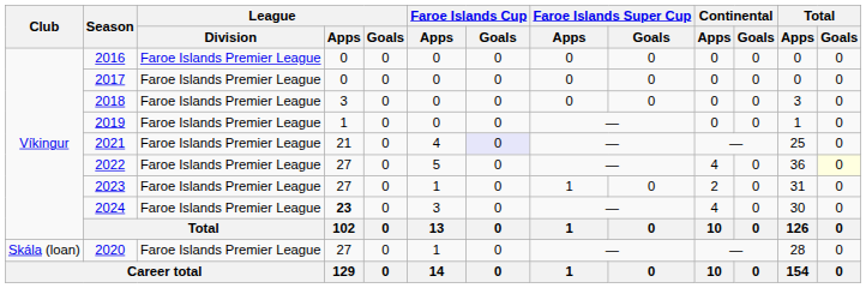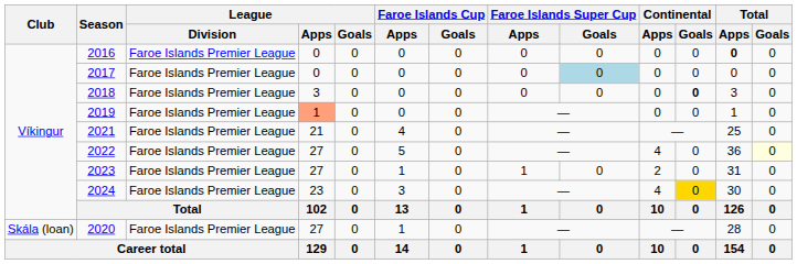 <table class="wikitable" style="text-align: center;">
 <tr>
 <th rowspan="2">Club</th>
 <th rowspan="2">Season</th>
 <th colspan="3">League</th>
 <th colspan="2"><a href='#'>Faroe Islands Cup</a></th>
 <th colspan="2"><a href='#'>Faroe Islands Super Cup</a></th>
 <th colspan="2">Continental</th>
 <th colspan="2">Total</th>
 </tr>
 <tr>
 <th>Division</th>
 <th>Apps</th>
 <th>Goals</th>
 <th>Apps</th>
 <th>Goals</th>
 <th>Apps</th>
 <th>Goals</th>
 <th>Apps</th>
 <th>Goals</th>
 <th>Apps</th>
 <th>Goals</th>
 </tr>
 <tr>
 <td rowspan="9"><a href='#'>Víkingur</a></td>
 <td><a href='#'>2016</a></td>
 <td><a href='#'>Faroe Islands Premier League</a></td>
 <td>0</td>
 <td>0</td>
 <td>0</td>
 <td>0</td>
 <td>0</td>
 <td>0</td>
 <td>0</td>
 <td>0</td>
-<td>0</td>
+<td><strong>0</strong></td>
 <td>0</td>
 </tr>
 <tr>
 <td><a href='#'>2017</a></td>
 <td>Faroe Islands Premier League</td>
 <td>0</td>
 <td>0</td>
 <td>0</td>
 <td>0</td>
 <td>0</td>
-<td>0</td>
+<td style="background: lightblue;">0</td>
 <td>0</td>
 <td>0</td>
 <td>0</td>
 <td>0</td>
 </tr>
 <tr>
 <td><a href='#'>2018</a></td>
 <td>Faroe Islands Premier League</td>
 <td>3</td>
 <td>0</td>
 <td>0</td>
 <td>0</td>
 <td>0</td>
 <td>0</td>
 <td>0</td>
-<td>0</td>
+<td><strong>0</strong></td>
 <td>3</td>
 <td>0</td>
 </tr>
 <tr>
 <td><a href='#'>2019</a></td>
 <td>Faroe Islands Premier League</td>
-<td>1</td>
+<td style="background: lightsalmon;">1</td>
 <td>0</td>
 <td>0</td>
 <td>0</td>
 <td colspan="2">—</td>
 <td>0</td>
 <td>0</td>
 <td>1</td>
 <td>0</td>
 </tr>
 <tr>
 <td><a href='#'>2021</a></td>
 <td>Faroe Islands Premier League</td>
 <td>21</td>
 <td>0</td>
 <td>4</td>
-<td style="background: lavender;">0</td>
+<td>0</td>
 <td colspan="2">—</td>
 <td colspan="2">—</td>
 <td>25</td>
 <td>0</td>
 </tr>
 <tr>
 <td><a href='#'>2022</a></td>
 <td>Faroe Islands Premier League</td>
 <td>27</td>
 <td>0</td>
 <td>5</td>
 <td>0</td>
 <td colspan="2">—</td>
 <td>4</td>
 <td>0</td>
 <td>36</td>
 <td style="background: lightyellow;">0</td>
 </tr>
 <tr>
 <td><a href='#'>2023</a></td>
 <td>Faroe Islands Premier League</td>
 <td>27</td>
 <td>0</td>
 <td>1</td>
 <td>0</td>
 <td>1</td>
 <td>0</td>
 <td>2</td>
 <td>0</td>
 <td>31</td>
 <td>0</td>
 </tr>
 <tr>
 <td><a href='#'>2024</a></td>
 <td>Faroe Islands Premier League</td>
-<td><strong>23</strong></td>
+<td>23</td>
 <td>0</td>
 <td>3</td>
 <td>0</td>
 <td colspan="2">—</td>
 <td>4</td>
-<td>0</td>
+<td style="background: gold;">0</td>
 <td>30</td>
 <td>0</td>
 </tr>
 <tr>
 <th colspan="2">Total</th>
 <th>102</th>
 <th>0</th>
 <th>13</th>
 <th>0</th>
 <th>1</th>
 <th>0</th>
 <th>10</th>
 <th>0</th>
 <th>126</th>
 <th>0</th>
 </tr>
 <tr>
 <td><a href='#'>Skála</a> (loan)</td>
 <td><a href='#'>2020</a></td>
 <td>Faroe Islands Premier League</td>
 <td>27</td>
 <td>0</td>
 <td>1</td>
 <td>0</td>
 <td colspan="2">—</td>
 <td colspan="2">—</td>
 <td>28</td>
 <td>0</td>
 </tr>
 <tr>
 <th colspan="3">Career total</th>
 <th>129</th>
 <th>0</th>
 <th>14</th>
 <th>0</th>
 <th>1</th>
 <th>0</th>
 <th>10</th>
 <th>0</th>
 <th>154</th>
 <th>0</th>
 </tr>
 </table>
